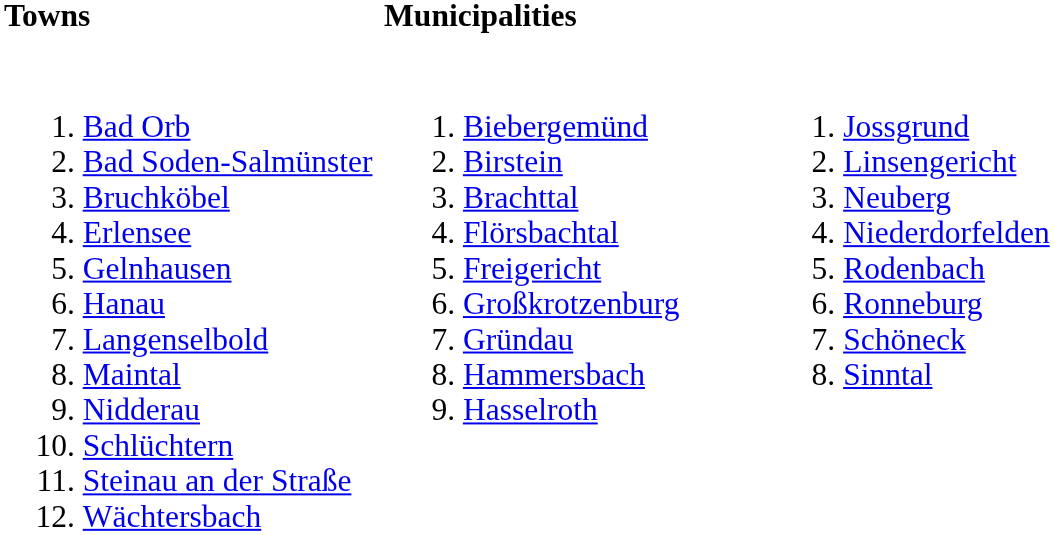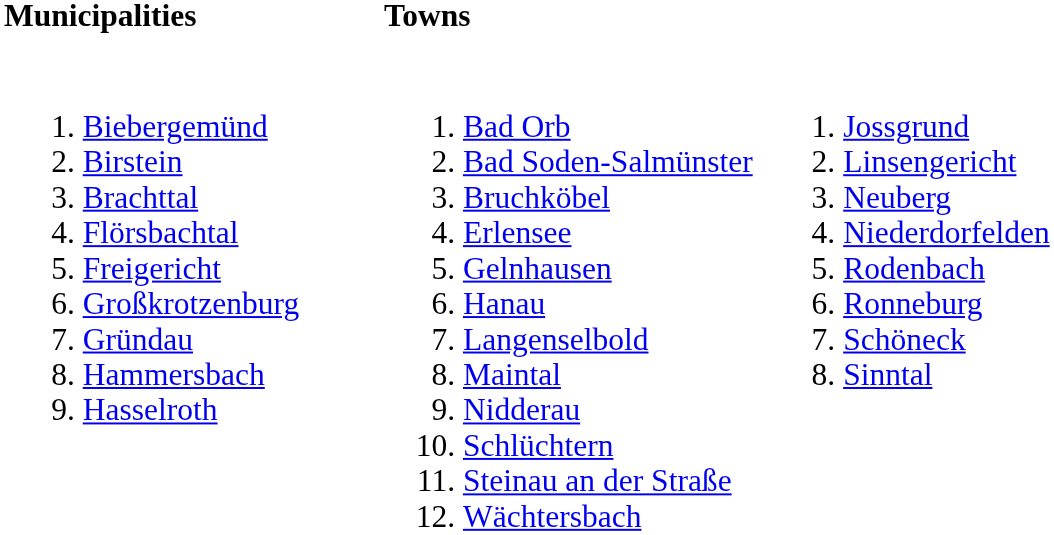 <table>
 <tr>
+<th align=left width=33%>Municipalities</th>
 <th align=left width=33%>Towns</th>
-<th align=left width=33%>Municipalities</th>
 <th align=left width=33%></th>
 </tr>
 <tr valign=top>
+<td><br><ol><li><a href='#'>Biebergemünd</a></li><li><a href='#'>Birstein</a></li><li><a href='#'>Brachttal</a></li><li><a href='#'>Flörsbachtal</a></li><li><a href='#'>Freigericht</a></li><li><a href='#'>Großkrotzenburg</a></li><li><a href='#'>Gründau</a></li><li><a href='#'>Hammersbach</a></li><li><a href='#'>Hasselroth</a></li></ol></td>
 <td><br><ol><li><a href='#'>Bad Orb</a></li><li><a href='#'>Bad Soden-Salmünster</a></li><li><a href='#'>Bruchköbel</a></li><li><a href='#'>Erlensee</a></li><li><a href='#'>Gelnhausen</a></li><li><a href='#'>Hanau</a></li><li><a href='#'>Langenselbold</a></li><li><a href='#'>Maintal</a></li><li><a href='#'>Nidderau</a></li><li><a href='#'>Schlüchtern</a></li><li><a href='#'>Steinau an der Straße</a></li><li><a href='#'>Wächtersbach</a></li></ol></td>
-<td><br><ol><li><a href='#'>Biebergemünd</a></li><li><a href='#'>Birstein</a></li><li><a href='#'>Brachttal</a></li><li><a href='#'>Flörsbachtal</a></li><li><a href='#'>Freigericht</a></li><li><a href='#'>Großkrotzenburg</a></li><li><a href='#'>Gründau</a></li><li><a href='#'>Hammersbach</a></li><li><a href='#'>Hasselroth</a></li></ol></td>
 <td><br><ol> <li><a href='#'>Jossgrund</a> <li><a href='#'>Linsengericht</a> <li><a href='#'>Neuberg</a> <li><a href='#'>Niederdorfelden</a> <li><a href='#'>Rodenbach</a> <li><a href='#'>Ronneburg</a> <li><a href='#'>Schöneck</a> <li><a href='#'>Sinntal</a> </ol></td>
 </tr>
 </table>
